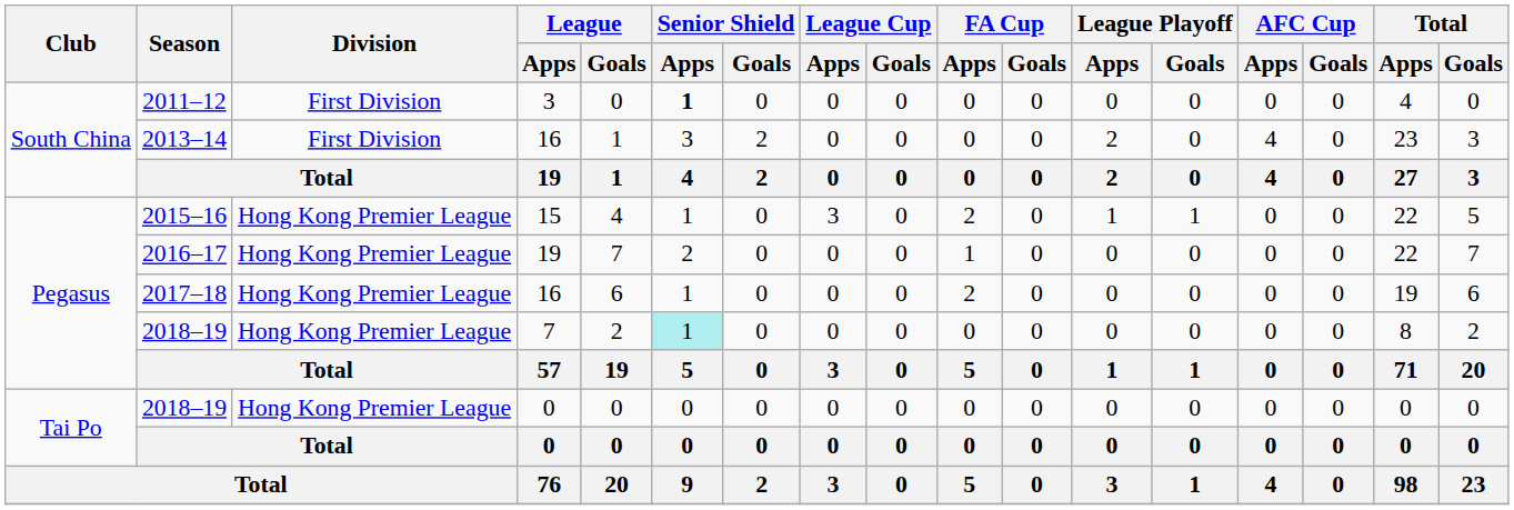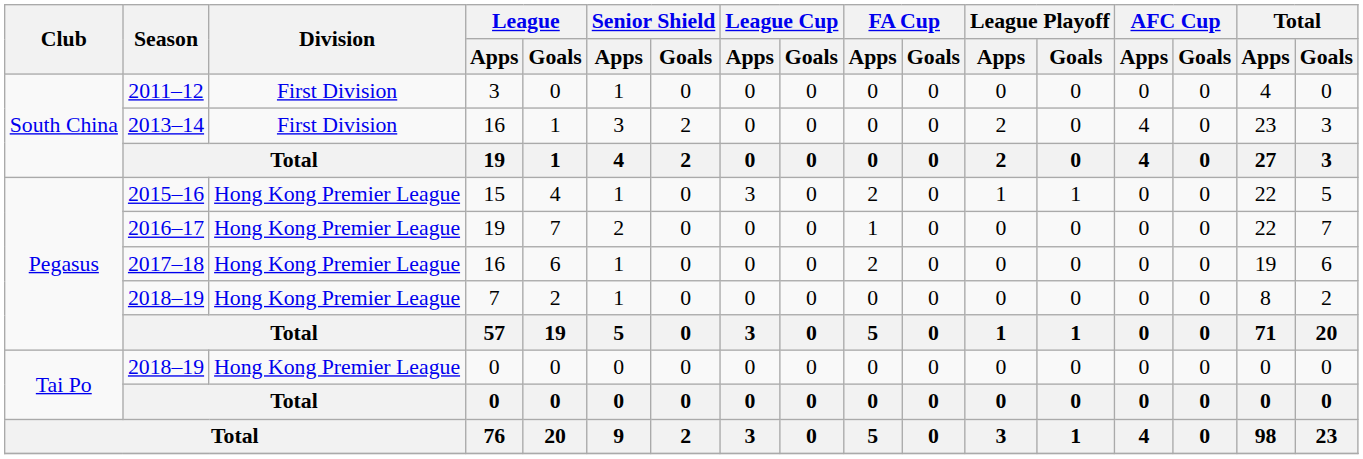 <table class="wikitable" style="text-align: center;">
 <tr>
 <th rowspan="2">Club</th>
 <th rowspan="2">Season</th>
 <th rowspan="2">Division</th>
 <th colspan="2"><a href='#'>League</a></th>
 <th colspan="2"><a href='#'>Senior Shield</a></th>
 <th colspan="2"><a href='#'>League Cup</a></th>
 <th colspan="2"><a href='#'>FA Cup</a></th>
 <th colspan="2">League Playoff</th>
 <th colspan="2"><a href='#'>AFC Cup</a></th>
 <th colspan="2">Total</th>
 </tr>
 <tr>
 <th>Apps</th>
 <th>Goals</th>
 <th>Apps</th>
 <th>Goals</th>
 <th>Apps</th>
 <th>Goals</th>
 <th>Apps</th>
 <th>Goals</th>
 <th>Apps</th>
 <th>Goals</th>
 <th>Apps</th>
 <th>Goals</th>
 <th>Apps</th>
 <th>Goals</th>
 </tr>
 <tr>
 <td rowspan="3" valign="center"><a href='#'>South China</a></td>
 <td><a href='#'>2011–12</a></td>
 <td><a href='#'>First Division</a></td>
 <td>3</td>
 <td>0</td>
-<td><strong>1</strong></td>
+<td>1</td>
 <td>0</td>
 <td>0</td>
 <td>0</td>
 <td>0</td>
 <td>0</td>
 <td>0</td>
 <td>0</td>
 <td>0</td>
 <td>0</td>
 <td>4</td>
 <td>0</td>
 </tr>
 <tr>
 <td><a href='#'>2013–14</a></td>
 <td><a href='#'>First Division</a></td>
 <td>16</td>
 <td>1</td>
 <td>3</td>
 <td>2</td>
 <td>0</td>
 <td>0</td>
 <td>0</td>
 <td>0</td>
 <td>2</td>
 <td>0</td>
 <td>4</td>
 <td>0</td>
 <td>23</td>
 <td>3</td>
 </tr>
 <tr>
 <th colspan="2">Total</th>
 <th>19</th>
 <th>1</th>
 <th>4</th>
 <th>2</th>
 <th>0</th>
 <th>0</th>
 <th>0</th>
 <th>0</th>
 <th>2</th>
 <th>0</th>
 <th>4</th>
 <th>0</th>
 <th>27</th>
 <th>3</th>
 </tr>
 <tr>
 <td rowspan="5" valign="center"><a href='#'>Pegasus</a></td>
 <td><a href='#'>2015–16</a></td>
 <td><a href='#'>Hong Kong Premier League</a></td>
 <td>15</td>
 <td>4</td>
 <td>1</td>
 <td>0</td>
 <td>3</td>
 <td>0</td>
 <td>2</td>
 <td>0</td>
 <td>1</td>
 <td>1</td>
 <td>0</td>
 <td>0</td>
 <td>22</td>
 <td>5</td>
 </tr>
 <tr>
 <td><a href='#'>2016–17</a></td>
 <td><a href='#'>Hong Kong Premier League</a></td>
 <td>19</td>
 <td>7</td>
 <td>2</td>
 <td>0</td>
 <td>0</td>
 <td>0</td>
 <td>1</td>
 <td>0</td>
 <td>0</td>
 <td>0</td>
 <td>0</td>
 <td>0</td>
 <td>22</td>
 <td>7</td>
 </tr>
 <tr>
 <td><a href='#'>2017–18</a></td>
 <td><a href='#'>Hong Kong Premier League</a></td>
 <td>16</td>
 <td>6</td>
 <td>1</td>
 <td>0</td>
 <td>0</td>
 <td>0</td>
 <td>2</td>
 <td>0</td>
 <td>0</td>
 <td>0</td>
 <td>0</td>
 <td>0</td>
 <td>19</td>
 <td>6</td>
 </tr>
 <tr>
 <td><a href='#'>2018–19</a></td>
 <td><a href='#'>Hong Kong Premier League</a></td>
 <td>7</td>
 <td>2</td>
-<td style="background: paleturquoise;">1</td>
+<td>1</td>
 <td>0</td>
 <td>0</td>
 <td>0</td>
 <td>0</td>
 <td>0</td>
 <td>0</td>
 <td>0</td>
 <td>0</td>
 <td>0</td>
 <td>8</td>
 <td>2</td>
 </tr>
 <tr>
 <th colspan="2">Total</th>
 <th>57</th>
 <th>19</th>
 <th>5</th>
 <th>0</th>
 <th>3</th>
 <th>0</th>
 <th>5</th>
 <th>0</th>
 <th>1</th>
 <th>1</th>
 <th>0</th>
 <th>0</th>
 <th>71</th>
 <th>20</th>
 </tr>
 <tr>
 <td rowspan="2" valign="center"><a href='#'>Tai Po</a></td>
 <td><a href='#'>2018–19</a></td>
 <td><a href='#'>Hong Kong Premier League</a></td>
 <td>0</td>
 <td>0</td>
 <td>0</td>
 <td>0</td>
 <td>0</td>
 <td>0</td>
 <td>0</td>
 <td>0</td>
 <td>0</td>
 <td>0</td>
 <td>0</td>
 <td>0</td>
 <td>0</td>
 <td>0</td>
 </tr>
 <tr>
 <th colspan="2">Total</th>
 <th>0</th>
 <th>0</th>
 <th>0</th>
 <th>0</th>
 <th>0</th>
 <th>0</th>
 <th>0</th>
 <th>0</th>
 <th>0</th>
 <th>0</th>
 <th>0</th>
 <th>0</th>
 <th>0</th>
 <th>0</th>
 </tr>
 <tr>
 <th colspan="3">Total</th>
 <th>76</th>
 <th>20</th>
 <th>9</th>
 <th>2</th>
 <th>3</th>
 <th>0</th>
 <th>5</th>
 <th>0</th>
 <th>3</th>
 <th>1</th>
 <th>4</th>
 <th>0</th>
 <th>98</th>
 <th>23</th>
 </tr>
 <tr>
 </tr>
 </table>
